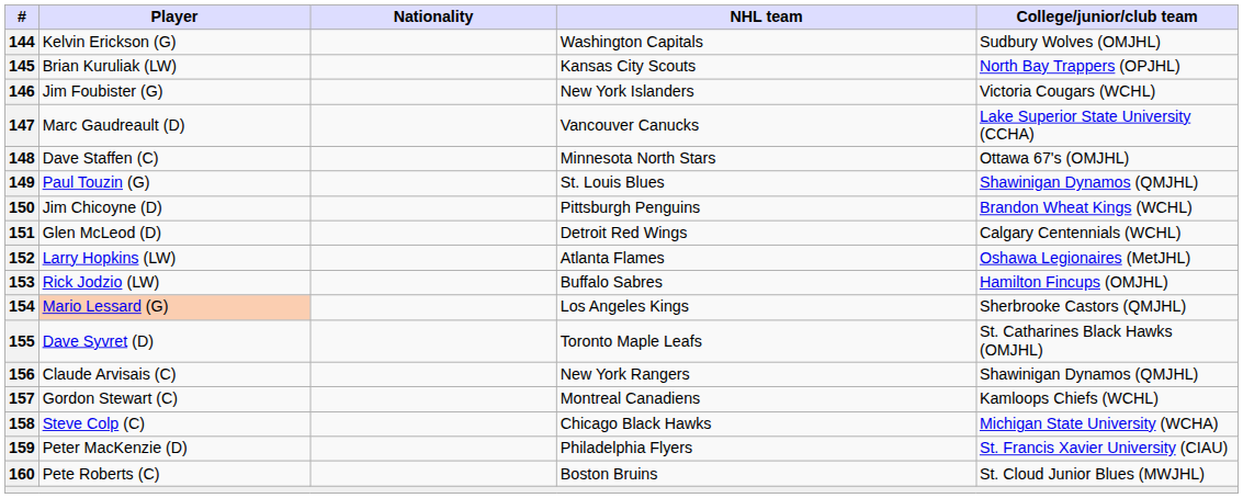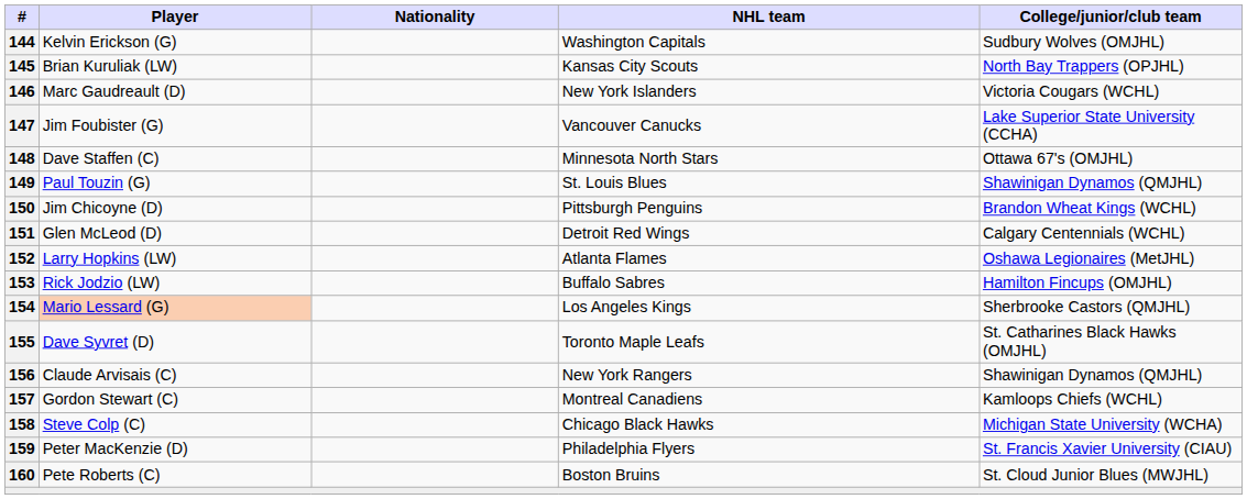 <table class="wikitable" style="width: 100%">
 <tr>
 <th style="background:#ddf; width:2.75%;">#</th>
 <th style="background:#ddf; width:22.0%;">Player</th>
 <th style="background:#ddf; width:20.0%;">Nationality</th>
 <th style="background:#ddf; width:34.0%;">NHL team</th>
 <th style="background:#ddf; width:100.0%;">College/junior/club team</th>
 </tr>
 <tr>
 <th>144</th>
 <td>Kelvin Erickson (G)</td>
 <td></td>
 <td>Washington Capitals</td>
 <td>Sudbury Wolves (OMJHL)</td>
 </tr>
 <tr>
 <th>145</th>
 <td>Brian Kuruliak (LW)</td>
 <td></td>
 <td>Kansas City Scouts</td>
 <td><a href='#'>North Bay Trappers</a> (OPJHL)</td>
 </tr>
 <tr>
 <th>146</th>
-<td>Jim Foubister (G)</td>
+<td>Marc Gaudreault (D)</td>
 <td></td>
 <td>New York Islanders</td>
 <td>Victoria Cougars (WCHL)</td>
 </tr>
 <tr>
 <th>147</th>
-<td>Marc Gaudreault (D)</td>
+<td>Jim Foubister (G)</td>
 <td></td>
 <td>Vancouver Canucks</td>
 <td><a href='#'>Lake Superior State University</a> (CCHA)</td>
 </tr>
 <tr>
 <th>148</th>
 <td>Dave Staffen (C)</td>
 <td></td>
 <td>Minnesota North Stars</td>
 <td>Ottawa 67's (OMJHL)</td>
 </tr>
 <tr>
 <th>149</th>
 <td><a href='#'>Paul Touzin</a> (G)</td>
 <td></td>
 <td>St. Louis Blues</td>
 <td><a href='#'>Shawinigan Dynamos</a> (QMJHL)</td>
 </tr>
 <tr>
 <th>150</th>
 <td>Jim Chicoyne (D)</td>
 <td></td>
 <td>Pittsburgh Penguins</td>
 <td><a href='#'>Brandon Wheat Kings</a> (WCHL)</td>
 </tr>
 <tr>
 <th>151</th>
 <td>Glen McLeod (D)</td>
 <td></td>
 <td>Detroit Red Wings</td>
 <td>Calgary Centennials (WCHL)</td>
 </tr>
 <tr>
 <th>152</th>
 <td><a href='#'>Larry Hopkins</a> (LW)</td>
 <td></td>
 <td>Atlanta Flames</td>
 <td><a href='#'>Oshawa Legionaires</a> (MetJHL)</td>
 </tr>
 <tr>
 <th>153</th>
 <td><a href='#'>Rick Jodzio</a> (LW)</td>
 <td></td>
 <td>Buffalo Sabres</td>
 <td><a href='#'>Hamilton Fincups</a> (OMJHL)</td>
 </tr>
 <tr>
 <th>154</th>
 <td style="background:#FBCEB1"><a href='#'>Mario Lessard</a> (G)</td>
 <td></td>
 <td>Los Angeles Kings</td>
 <td>Sherbrooke Castors (QMJHL)</td>
 </tr>
 <tr>
 <th>155</th>
 <td><a href='#'>Dave Syvret</a> (D)</td>
 <td></td>
 <td>Toronto Maple Leafs</td>
 <td>St. Catharines Black Hawks (OMJHL)</td>
 </tr>
 <tr>
 <th>156</th>
 <td>Claude Arvisais (C)</td>
 <td></td>
 <td>New York Rangers</td>
 <td>Shawinigan Dynamos (QMJHL)</td>
 </tr>
 <tr>
 <th>157</th>
 <td>Gordon Stewart (C)</td>
 <td></td>
 <td>Montreal Canadiens</td>
 <td>Kamloops Chiefs (WCHL)</td>
 </tr>
 <tr>
 <th>158</th>
 <td><a href='#'>Steve Colp</a> (C)</td>
 <td></td>
 <td>Chicago Black Hawks</td>
 <td><a href='#'>Michigan State University</a> (WCHA)</td>
 </tr>
 <tr>
 <th>159</th>
 <td>Peter MacKenzie (D)</td>
 <td></td>
 <td>Philadelphia Flyers</td>
 <td><a href='#'>St. Francis Xavier University</a> (CIAU)</td>
 </tr>
 <tr>
 <th>160</th>
 <td>Pete Roberts (C)</td>
 <td></td>
 <td>Boston Bruins</td>
 <td>St. Cloud Junior Blues (MWJHL)</td>
 </tr>
 <tr>
 <td style="text-align:center; background:#efefef" colspan="6"></td>
 </tr>
 </table>
